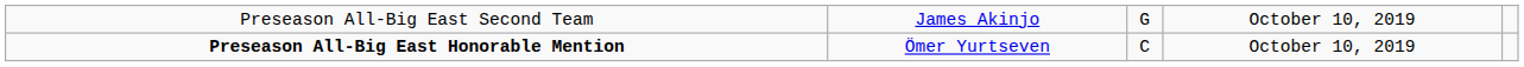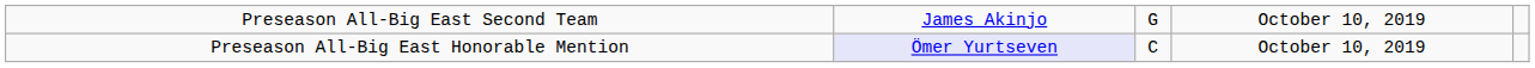 <table class="wikitable" style="width: 90%;text-align: center;">
 <tr align="center">
 <td rowspan="1">Preseason All-Big East Second Team</td>
 <td><a href='#'>James Akinjo</a></td>
 <td>G</td>
 <td>October 10, 2019</td>
 <td></td>
 </tr>
 <tr align="center">
-<td rowspan="1"><strong>Preseason All-Big East Honorable Mention</strong></td>
-<td><a href='#'>Ömer Yurtseven</a></td>
+<td rowspan="1">Preseason All-Big East Honorable Mention</td>
+<td style="background: lavender;"><a href='#'>Ömer Yurtseven</a></td>
 <td>C</td>
 <td>October 10, 2019</td>
 <td></td>
 </tr>
 </table>
